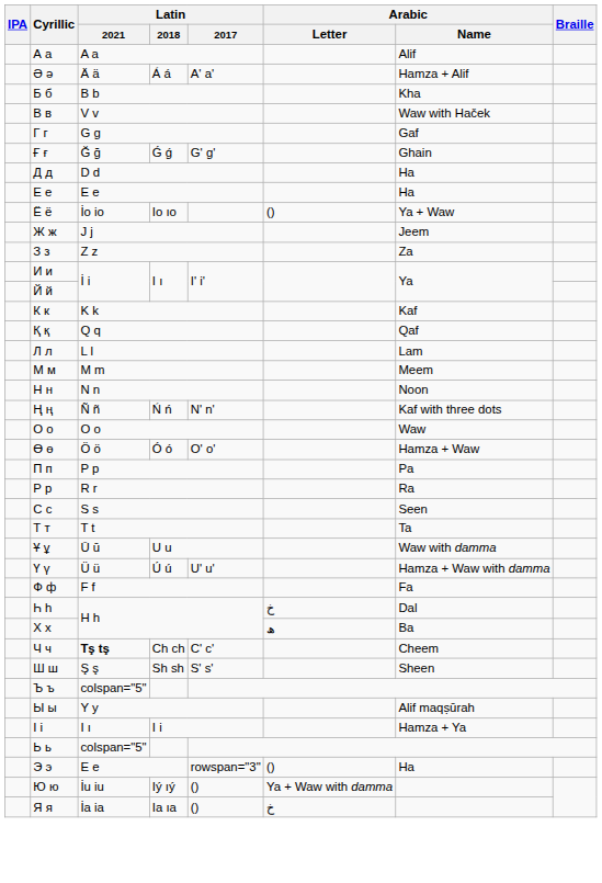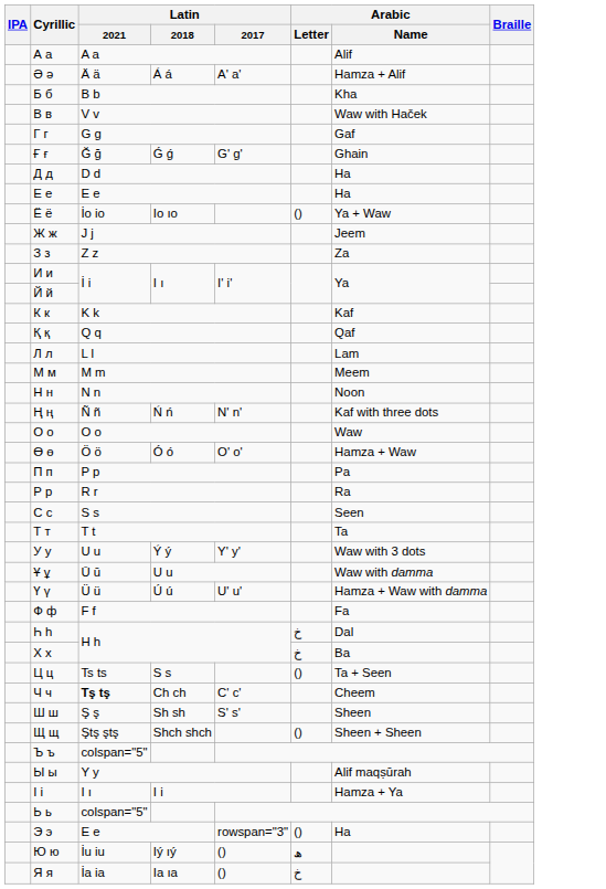 <table class="wikitable sortable mw-collapsable" style="font-feature-settings:'cv50' 1;">
 <tr>
 <th rowspan="2"><a href='#'>IPA</a></th>
 <th rowspan="2">Cyrillic</th>
 <th colspan="3">Latin</th>
 <th colspan="2">Arabic</th>
 <th rowspan="2"><a href='#'>Braille</a></th>
 </tr>
 <tr>
 <th><small>2021</small></th>
 <th><small>2018</small></th>
 <th><small>2017</small></th>
 <th>Letter</th>
 <th>Name</th>
 </tr>
 <tr>
 <td></td>
 <td>А а</td>
 <td colspan="3">A a</td>
 <td></td>
 <td>Alif</td>
 <td></td>
 </tr>
 <tr>
 <td></td>
 <td>Ә ә</td>
 <td>Ä ä</td>
 <td>Á á</td>
 <td>A' a'</td>
 <td></td>
 <td>Hamza + Alif</td>
 <td></td>
 </tr>
 <tr>
 <td></td>
 <td>Б б</td>
 <td colspan="3">B b</td>
 <td></td>
 <td>Kha</td>
 <td></td>
 </tr>
 <tr>
 <td></td>
 <td>В в</td>
 <td colspan="3">V v</td>
 <td></td>
 <td>Waw with Haček</td>
 <td></td>
 </tr>
 <tr>
 <td></td>
 <td>Г г</td>
 <td colspan="3">G g</td>
 <td></td>
 <td>Gaf</td>
 <td></td>
 </tr>
 <tr>
 <td></td>
 <td>Ғ ғ</td>
 <td>Ğ ğ</td>
 <td>Ǵ ǵ</td>
 <td>G' g'</td>
 <td></td>
 <td>Ghain</td>
 <td></td>
 </tr>
 <tr>
 <td></td>
 <td>Д д</td>
 <td colspan="3">D d</td>
 <td></td>
 <td>Ha</td>
 <td></td>
 </tr>
 <tr>
 <td></td>
 <td>Е е</td>
 <td colspan="3">E e</td>
 <td></td>
 <td>Ha</td>
 <td></td>
 </tr>
 <tr>
 <td></td>
 <td>Ё ё</td>
 <td>İo io</td>
 <td>Io ıo</td>
 <td></td>
 <td>()</td>
 <td>Ya + Waw</td>
 <td></td>
 </tr>
 <tr>
 <td></td>
 <td>Ж ж</td>
 <td colspan="3">J j</td>
 <td></td>
 <td>Jeem</td>
 <td></td>
 </tr>
 <tr>
 <td></td>
 <td>З з</td>
 <td colspan="3">Z z</td>
 <td></td>
 <td>Za</td>
 <td></td>
 </tr>
 <tr>
 <td></td>
 <td>И и</td>
 <td rowspan="2">İ i</td>
 <td rowspan="2">I ı</td>
 <td rowspan="2">I' i'</td>
 <td rowspan="2"></td>
 <td rowspan="2">Ya</td>
 <td></td>
 </tr>
 <tr>
 <td></td>
 <td>Й й</td>
 <td></td>
 </tr>
 <tr>
 <td></td>
 <td>К к</td>
 <td colspan="3">K k</td>
 <td></td>
 <td>Kaf</td>
 <td></td>
 </tr>
 <tr>
 <td></td>
 <td>Қ қ</td>
 <td colspan="3">Q q</td>
 <td></td>
 <td>Qaf</td>
 <td></td>
 </tr>
 <tr>
 <td></td>
 <td>Л л</td>
 <td colspan="3">L l</td>
 <td></td>
 <td>Lam</td>
 <td></td>
 </tr>
 <tr>
 <td></td>
 <td>М м</td>
 <td colspan="3">M m</td>
 <td></td>
 <td>Meem</td>
 <td></td>
 </tr>
 <tr>
 <td></td>
 <td>Н н</td>
 <td colspan="3">N n</td>
 <td></td>
 <td>Noon</td>
 <td></td>
 </tr>
 <tr>
 <td></td>
 <td>Ң ң</td>
 <td>Ñ ñ</td>
 <td>Ń ń</td>
 <td>N' n'</td>
 <td></td>
 <td>Kaf with three dots</td>
 <td></td>
 </tr>
 <tr>
 <td></td>
 <td>О о</td>
 <td colspan="3">O o</td>
 <td></td>
 <td>Waw</td>
 <td></td>
 </tr>
 <tr>
 <td></td>
 <td>Ө ө</td>
 <td>Ö ö</td>
 <td>Ó ó</td>
 <td>O' o'</td>
 <td></td>
 <td>Hamza + Waw</td>
 <td></td>
 </tr>
 <tr>
 <td></td>
 <td>П п</td>
 <td colspan="3">P p</td>
 <td></td>
 <td>Pa</td>
 <td></td>
 </tr>
 <tr>
 <td></td>
 <td>Р р</td>
 <td colspan="3">R r</td>
 <td></td>
 <td>Ra</td>
 <td></td>
 </tr>
 <tr>
 <td></td>
 <td>С с</td>
 <td colspan="3">S s</td>
 <td></td>
 <td>Seen</td>
 <td></td>
 </tr>
 <tr>
 <td></td>
 <td>Т т</td>
 <td colspan="3">T t</td>
 <td></td>
 <td>Ta</td>
 <td></td>
 </tr>
 <tr>
 <td></td>
+<td>У у</td>
+<td>U u</td>
+<td>Ý ý</td>
+<td>Y' y'</td>
+<td></td>
+<td>Waw with 3 dots</td>
+<td></td>
+</tr>
+<tr>
+<td></td>
 <td>Ұ ұ</td>
 <td>Ū ū</td>
 <td colspan="2">U u</td>
 <td></td>
 <td>Waw with <em>damma</em></td>
 <td></td>
 </tr>
 <tr>
 <td></td>
 <td>Ү ү</td>
 <td>Ü ü</td>
 <td>Ú ú</td>
 <td>U' u'</td>
 <td></td>
 <td>Hamza + Waw with <em>damma</em></td>
 <td></td>
 </tr>
 <tr>
 <td></td>
 <td>Ф ф</td>
 <td colspan="3">F f</td>
 <td></td>
 <td>Fa</td>
 <td></td>
 </tr>
 <tr>
 <td></td>
 <td>Һ һ</td>
 <td colspan="3" rowspan="2">H h</td>
 <td>خ</td>
 <td>Dal</td>
 <td></td>
 </tr>
 <tr>
 <td></td>
 <td>Х х</td>
-<td>ھ</td>
+<td>خ</td>
 <td>Ba</td>
+<td></td>
+</tr>
+<tr>
+<td></td>
+<td>Ц ц</td>
+<td>Ts ts</td>
+<td>S s</td>
+<td></td>
+<td>()</td>
+<td>Ta + Seen</td>
 <td></td>
 </tr>
 <tr>
 <td></td>
 <td>Ч ч</td>
 <td><strong>Tş tş</strong></td>
 <td>Ch ch</td>
 <td>C' c'</td>
 <td></td>
 <td>Cheem</td>
 <td></td>
 </tr>
 <tr>
 <td></td>
 <td>Ш ш</td>
 <td>Ş ş</td>
 <td>Sh sh</td>
 <td>S' s'</td>
 <td></td>
 <td>Sheen</td>
+<td></td>
+</tr>
+<tr>
+<td></td>
+<td>Щ щ</td>
+<td>Ştş ştş</td>
+<td>Shch shch</td>
+<td></td>
+<td>()</td>
+<td>Sheen + Sheen</td>
 <td></td>
 </tr>
 <tr>
 <td></td>
 <td>Ъ ъ</td>
 <td>colspan="5" </td>
 <td></td>
 </tr>
 <tr>
 <td></td>
 <td>Ы ы</td>
 <td colspan="3">Y y</td>
 <td></td>
 <td>Alif maqṣūrah</td>
 <td></td>
 </tr>
 <tr>
 <td></td>
 <td>І і</td>
 <td>I ı</td>
 <td colspan="2">I i</td>
 <td></td>
 <td>Hamza + Ya</td>
 <td></td>
 </tr>
 <tr>
 <td></td>
 <td>Ь ь</td>
 <td>colspan="5" </td>
 <td></td>
 </tr>
 <tr>
 <td></td>
 <td>Э э</td>
 <td colspan="2">E e</td>
 <td>rowspan="3" </td>
 <td>()</td>
 <td>Ha</td>
 <td></td>
 </tr>
 <tr>
 <td></td>
 <td>Ю ю</td>
 <td>İu iu</td>
 <td>Iý ıý</td>
 <td>()</td>
-<td>Ya + Waw with <em>damma</em></td>
+<td>ھ</td>
 <td></td>
 </tr>
 <tr>
 <td></td>
 <td>Я я</td>
 <td>İa ia</td>
 <td>Ia ıa</td>
 <td>()</td>
 <td>خ</td>
 <td></td>
 </tr>
 </table>
